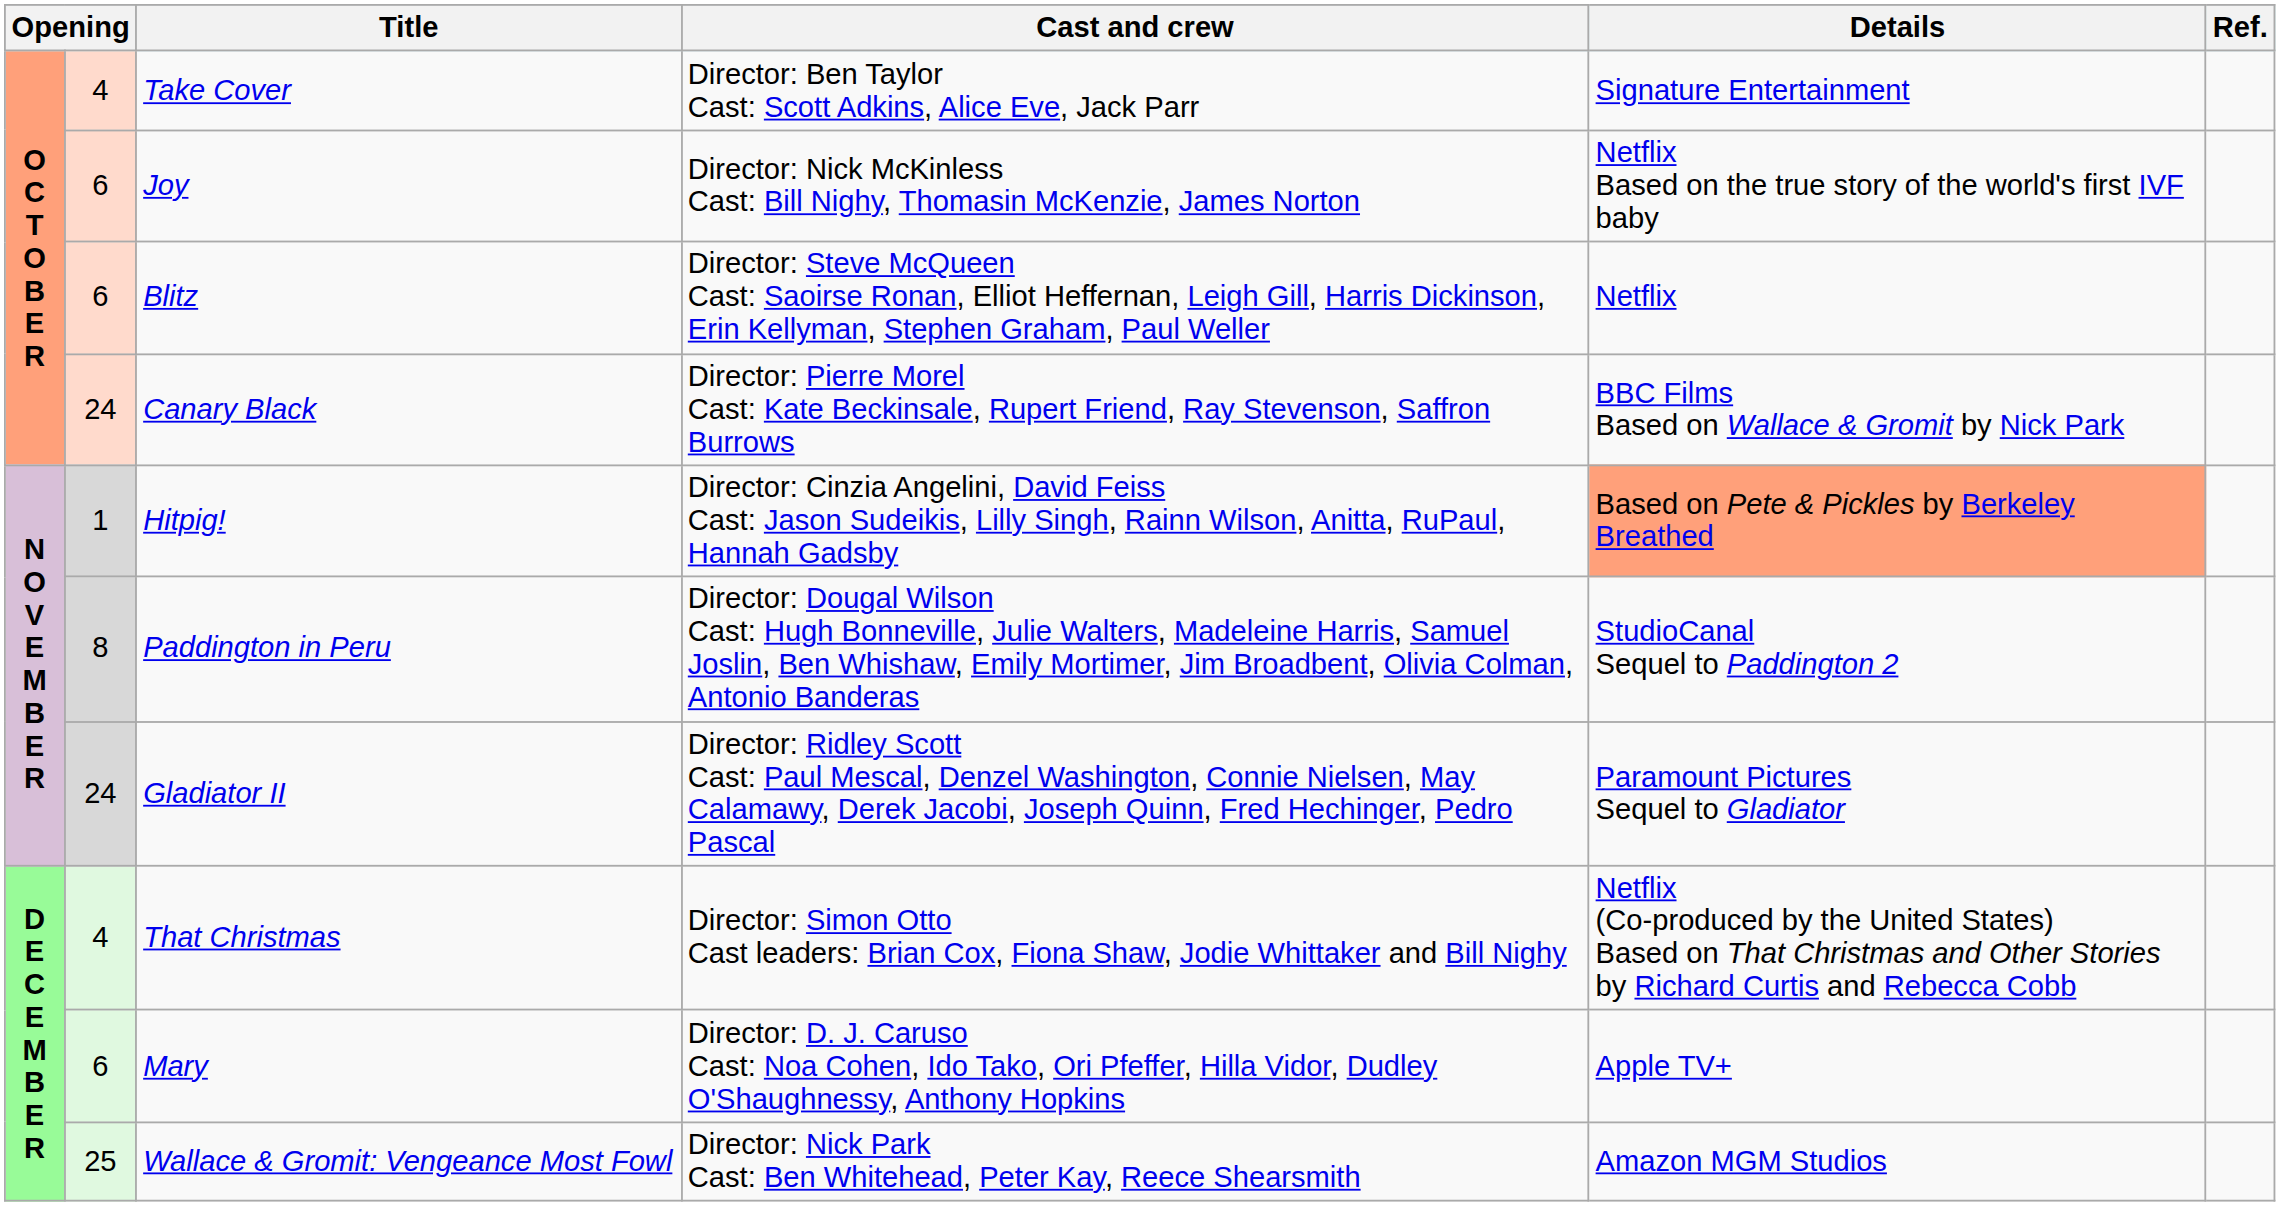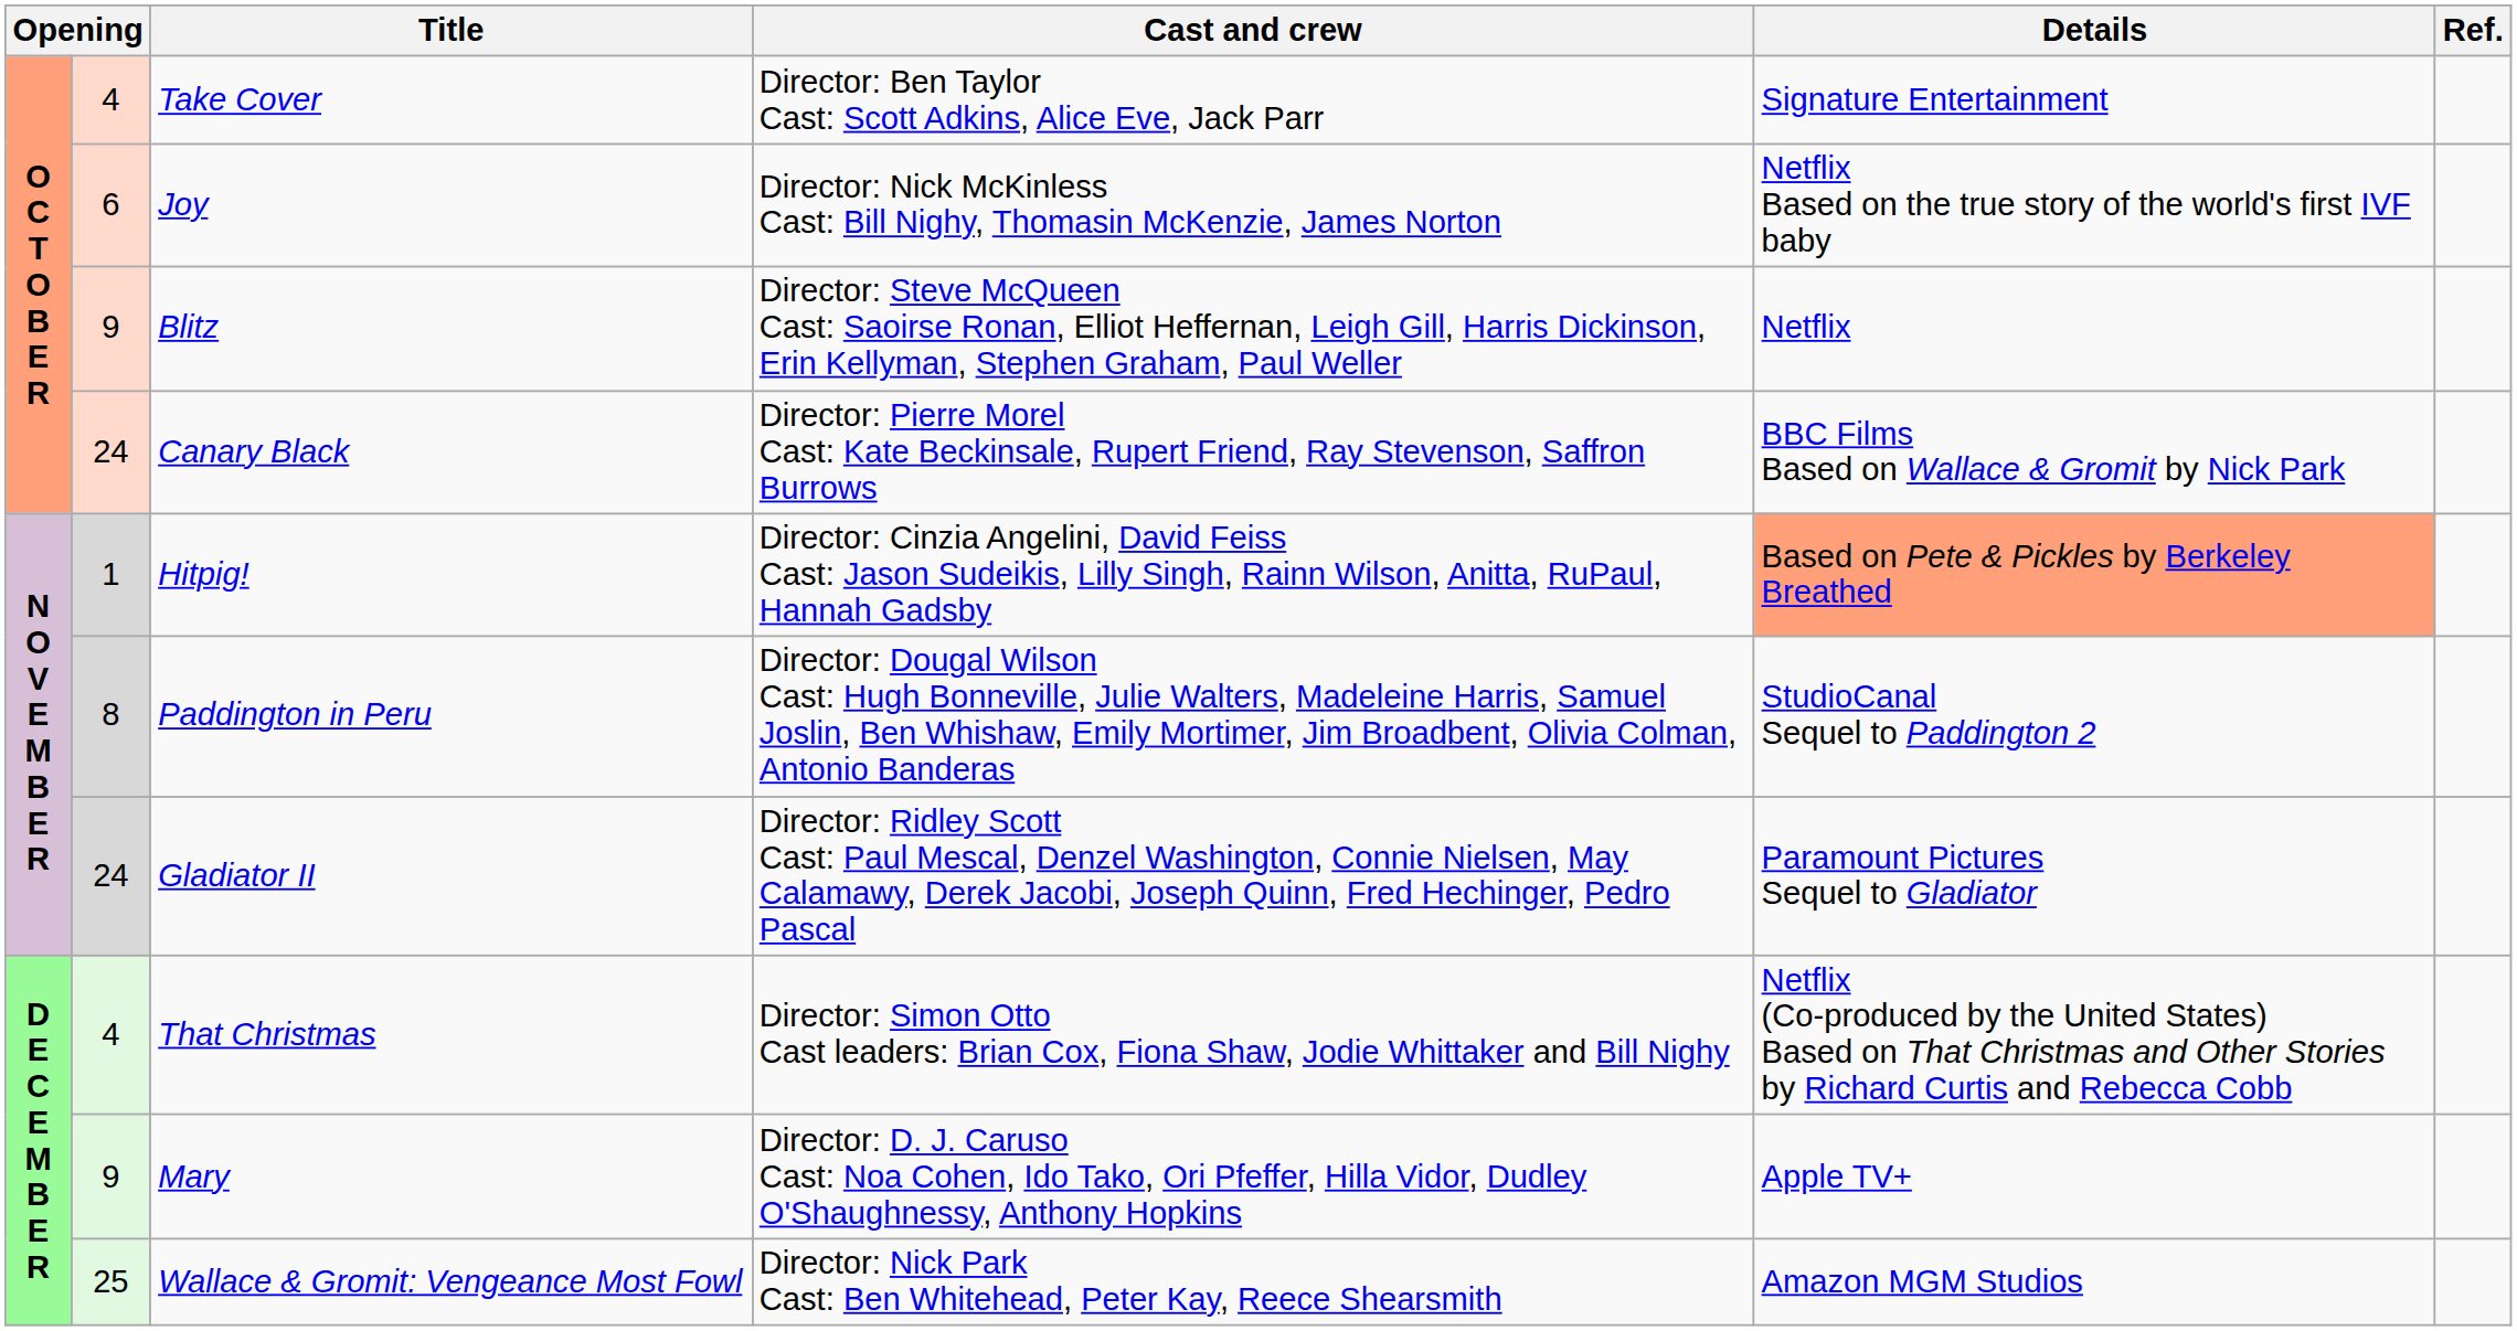 <table class="wikitable">
 <tr style="background:#b0e0e6; text-align:center;">
 <th colspan="2">Opening</th>
 <th style="width:24%;">Title</th>
 <th style="width:40%;">Cast and crew</th>
 <th>Details</th>
 <th style="width:2%;">Ref.</th>
 </tr>
 <tr>
 <th rowspan="4" style="text-align:center; background:#ffa07a; textcolor:#000;">O<br>C<br>T<br>O<br>B<br>E<br>R</th>
 <td rowspan="1" style="text-align:center; background:#ffdacc;">4</td>
 <td><em><a href='#'>Take Cover</a></em></td>
 <td>Director: Ben Taylor <br> Cast: <a href='#'>Scott Adkins</a>, <a href='#'>Alice Eve</a>, Jack Parr</td>
 <td><a href='#'>Signature Entertainment</a></td>
 <td align="center"></td>
 </tr>
 <tr>
 <td rowspan="1" style="text-align:center; background:#ffdacc;">6</td>
 <td><em><a href='#'>Joy</a></em></td>
 <td>Director: Nick McKinless <br> Cast: <a href='#'>Bill Nighy</a>, <a href='#'>Thomasin McKenzie</a>, <a href='#'>James Norton</a></td>
 <td><a href='#'>Netflix</a> <br> Based on the true story of the world's first <a href='#'>IVF</a> baby</td>
 <td></td>
 </tr>
 <tr>
-<td rowspan="1" style="text-align:center; background:#ffdacc;">6</td>
+<td rowspan="1" style="text-align:center; background:#ffdacc;">9</td>
 <td><em><a href='#'>Blitz</a></em></td>
 <td>Director: <a href='#'>Steve McQueen</a> <br> Cast: <a href='#'>Saoirse Ronan</a>, Elliot Heffernan, <a href='#'>Leigh Gill</a>, <a href='#'>Harris Dickinson</a>, <a href='#'>Erin Kellyman</a>, <a href='#'>Stephen Graham</a>, <a href='#'>Paul Weller</a></td>
 <td><a href='#'>Netflix</a></td>
 <td></td>
 </tr>
 <tr>
 <td rowspan="1" style="text-align:center; background:#ffdacc;">24</td>
 <td><em><a href='#'>Canary Black</a></em></td>
 <td>Director: <a href='#'>Pierre Morel</a> <br> Cast: <a href='#'>Kate Beckinsale</a>, <a href='#'>Rupert Friend</a>, <a href='#'>Ray Stevenson</a>, <a href='#'>Saffron Burrows</a></td>
 <td><a href='#'>BBC Films</a> <br> Based on <em><a href='#'>Wallace & Gromit</a></em> by <a href='#'>Nick Park</a></td>
 <td align="center"></td>
 </tr>
 <tr>
 <th rowspan="3" style="text-align:center; background:thistle; textcolor:#000;">N<br>O<br>V<br>E<br>M<br>B<br>E<br>R</th>
 <td rowspan="1" style="text-align:center; background:#d8d8d8;">1</td>
 <td><em><a href='#'>Hitpig!</a></em></td>
 <td>Director: Cinzia Angelini, <a href='#'>David Feiss</a><br>Cast: <a href='#'>Jason Sudeikis</a>, <a href='#'>Lilly Singh</a>, <a href='#'>Rainn Wilson</a>, <a href='#'>Anitta</a>, <a href='#'>RuPaul</a>, <a href='#'>Hannah Gadsby</a></td>
 <td style="background: lightsalmon;">Based on <em>Pete & Pickles</em> by <a href='#'>Berkeley Breathed</a></td>
 <td align="center"></td>
 </tr>
 <tr>
 <td rowspan="1" style="text-align:center; background:#d8d8d8;">8</td>
 <td><em><a href='#'>Paddington in Peru</a></em></td>
 <td>Director: <a href='#'>Dougal Wilson</a><br>Cast: <a href='#'>Hugh Bonneville</a>, <a href='#'>Julie Walters</a>,  <a href='#'>Madeleine Harris</a>, <a href='#'>Samuel Joslin</a>, <a href='#'>Ben Whishaw</a>, <a href='#'>Emily Mortimer</a>, <a href='#'>Jim Broadbent</a>, <a href='#'>Olivia Colman</a>, <a href='#'>Antonio Banderas</a></td>
 <td><a href='#'>StudioCanal</a> <br> Sequel to <em><a href='#'>Paddington 2</a></em></td>
 <td align="center"></td>
 </tr>
 <tr>
 <td rowspan="1" style="text-align:center; background:#d8d8d8;">24</td>
 <td><em><a href='#'>Gladiator II</a></em></td>
 <td>Director: <a href='#'>Ridley Scott</a><br>Cast: <a href='#'>Paul Mescal</a>, <a href='#'>Denzel Washington</a>, <a href='#'>Connie Nielsen</a>, <a href='#'>May Calamawy</a>, <a href='#'>Derek Jacobi</a>, <a href='#'>Joseph Quinn</a>, <a href='#'>Fred Hechinger</a>, <a href='#'>Pedro Pascal</a></td>
 <td><a href='#'>Paramount Pictures</a> <br> Sequel to <em><a href='#'>Gladiator</a></em></td>
 <td></td>
 </tr>
 <tr>
 <th rowspan="3" style="text-align:center; background:#98fb98; textcolor:#000;">D<br>E<br>C<br>E<br>M<br>B<br>E<br>R</th>
 <td rowspan="1" style="text-align:center; background:#e0f9e0;">4</td>
 <td><em><a href='#'>That Christmas</a></em></td>
 <td>Director: <a href='#'>Simon Otto</a><br>Cast leaders: <a href='#'>Brian Cox</a>, <a href='#'>Fiona Shaw</a>, <a href='#'>Jodie Whittaker</a> and <a href='#'>Bill Nighy</a></td>
 <td><a href='#'>Netflix</a><br>(Co-produced by the United States)<br>Based on <em>That Christmas and Other Stories</em> by <a href='#'>Richard Curtis</a> and <a href='#'>Rebecca Cobb</a></td>
 <td></td>
 </tr>
 <tr>
-<td rowspan="1" style="text-align:center; background:#e0f9e0;">6</td>
+<td rowspan="1" style="text-align:center; background:#e0f9e0;">9</td>
 <td><em><a href='#'>Mary</a></em></td>
 <td>Director: <a href='#'>D. J. Caruso</a> <br>Cast: <a href='#'>Noa Cohen</a>, <a href='#'>Ido Tako</a>, <a href='#'>Ori Pfeffer</a>, <a href='#'>Hilla Vidor</a>, <a href='#'>Dudley O'Shaughnessy</a>, <a href='#'>Anthony Hopkins</a></td>
 <td><a href='#'>Apple TV+</a></td>
 <td></td>
 </tr>
 <tr>
 <td rowspan="1" style="text-align:center; background:#e0f9e0;">25</td>
 <td><em><a href='#'>Wallace & Gromit: Vengeance Most Fowl</a></em></td>
 <td>Director: <a href='#'>Nick Park</a><br>Cast: <a href='#'>Ben Whitehead</a>, <a href='#'>Peter Kay</a>, <a href='#'>Reece Shearsmith</a></td>
 <td><a href='#'>Amazon MGM Studios</a></td>
 <td></td>
 </tr>
 </table>
